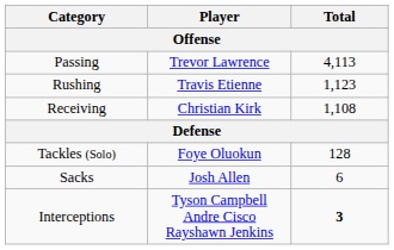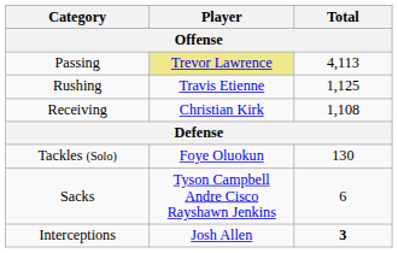 <table class="wikitable" style="text-align:center">
 <tr>
 <th width="150">Category</th>
 <th width="150">Player</th>
 <th width="100">Total</th>
 </tr>
 <tr>
 <th align="center" colspan="4">Offense</th>
 </tr>
 <tr>
 <td>Passing</td>
-<td><a href='#'>Trevor Lawrence</a></td>
+<td style="background: khaki;"><a href='#'>Trevor Lawrence</a></td>
 <td>4,113</td>
 </tr>
 <tr>
 <td>Rushing</td>
 <td><a href='#'>Travis Etienne</a></td>
-<td>1,123</td>
+<td>1,125</td>
 </tr>
 <tr>
 <td>Receiving</td>
 <td><a href='#'>Christian Kirk</a></td>
 <td>1,108</td>
 </tr>
 <tr>
 <th align="center" colspan="4">Defense</th>
 </tr>
 <tr>
 <td>Tackles <small>(Solo)</small></td>
 <td><a href='#'>Foye Oluokun</a></td>
-<td>128</td>
+<td>130</td>
 </tr>
 <tr>
 <td>Sacks</td>
-<td><a href='#'>Josh Allen</a></td>
+<td><a href='#'>Tyson Campbell</a><br><a href='#'>Andre Cisco</a><br><a href='#'>Rayshawn Jenkins</a></td>
 <td>6</td>
 </tr>
 <tr>
 <td>Interceptions</td>
-<td><a href='#'>Tyson Campbell</a><br><a href='#'>Andre Cisco</a><br><a href='#'>Rayshawn Jenkins</a></td>
+<td><a href='#'>Josh Allen</a></td>
 <td><strong>3</strong></td>
 </tr>
 </table>
